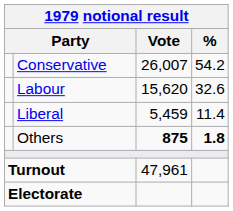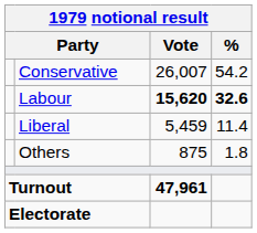 <table class="wikitable">
 <tr>
 <th colspan="4"><a href='#'>1979</a> <a href='#'>notional result</a></th>
 </tr>
 <tr>
 <th bgcolor="#DDDDFF" width="130px" colspan="2">Party</th>
 <th bgcolor="#DDDDFF" width="50px">Vote</th>
 <th bgcolor="#DDDDFF" width="30px">%</th>
 </tr>
 <tr>
 <td></td>
 <td><a href='#'>Conservative</a></td>
 <td align=right>26,007</td>
 <td align=right>54.2</td>
 </tr>
 <tr>
 <td></td>
 <td><a href='#'>Labour</a></td>
-<td align=right>15,620</td>
-<td align=right>32.6</td>
+<td align=right><strong>15,620</strong></td>
+<td align=right><strong>32.6</strong></td>
 </tr>
 <tr>
 <td></td>
 <td><a href='#'>Liberal</a></td>
 <td align=right>5,459</td>
 <td align=right>11.4</td>
 </tr>
 <tr>
 <td></td>
 <td>Others</td>
-<td align=right><strong>875</strong></td>
-<td align=right><strong>1.8</strong></td>
+<td align=right>875</td>
+<td align=right>1.8</td>
 </tr>
 <tr>
 <td colspan="4" bgcolor="#EAECF0"></td>
 </tr>
 <tr>
 <td colspan="2"><strong>Turnout</strong></td>
-<td align=right>47,961</td>
+<td align=right><strong>47,961</strong></td>
 <td align=right></td>
 </tr>
 <tr>
 <td colspan="2"><strong>Electorate</strong></td>
 <td align=right></td>
 </tr>
 </table>
